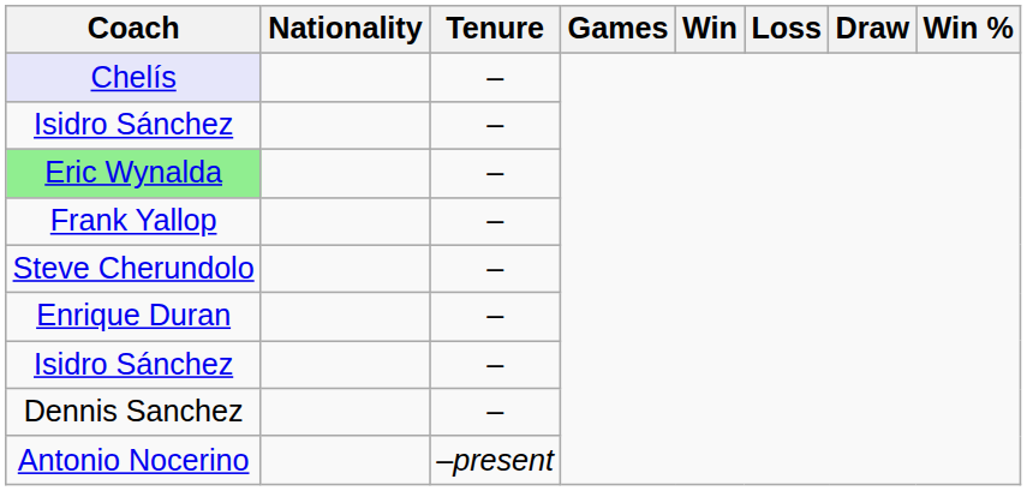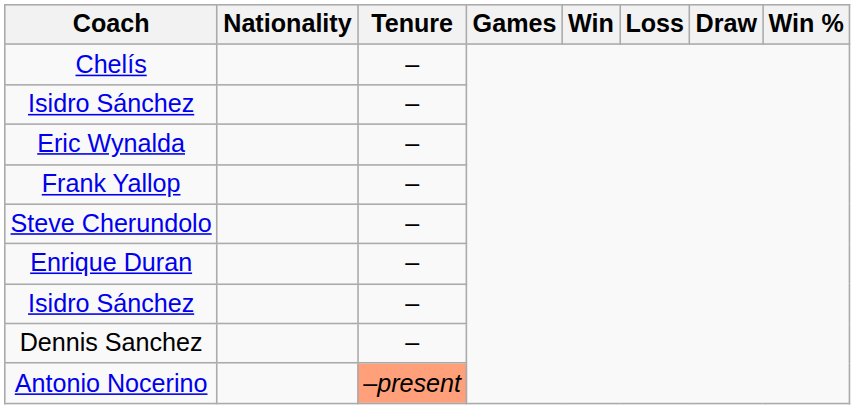 <table class="wikitable" style="text-align:center; margin-left: lem;">
 <tr>
 <th>Coach</th>
 <th>Nationality</th>
 <th>Tenure</th>
 <th>Games</th>
 <th><strong>Win</strong></th>
 <th>Loss</th>
 <th>Draw</th>
 <th>Win %</th>
 </tr>
 <tr>
-<td style="background: lavender;"><a href='#'>Chelís</a></td>
+<td><a href='#'>Chelís</a></td>
 <td></td>
 <td>–<br></td>
 </tr>
 <tr>
 <td><a href='#'>Isidro Sánchez</a></td>
 <td></td>
 <td>–<br></td>
 </tr>
 <tr>
-<td style="background: lightgreen;"><a href='#'>Eric Wynalda</a></td>
+<td><a href='#'>Eric Wynalda</a></td>
 <td></td>
 <td>–<br></td>
 </tr>
 <tr>
 <td><a href='#'>Frank Yallop</a></td>
 <td></td>
 <td>–<br></td>
 </tr>
 <tr>
 <td><a href='#'>Steve Cherundolo</a></td>
 <td></td>
 <td>–<br></td>
 </tr>
 <tr>
 <td><a href='#'>Enrique Duran</a></td>
 <td></td>
 <td>–<br></td>
 </tr>
 <tr>
 <td><a href='#'>Isidro Sánchez</a></td>
 <td></td>
 <td>–<br></td>
 </tr>
 <tr>
 <td>Dennis Sanchez</td>
 <td></td>
 <td>–<br></td>
 </tr>
 <tr>
 <td><a href='#'>Antonio Nocerino</a></td>
 <td></td>
-<td>–<em>present</em><br></td>
+<td style="background: lightsalmon;">–<em>present</em><br></td>
 </tr>
 </table>
